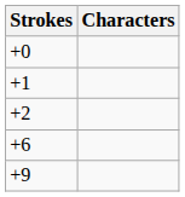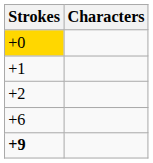 <table class="wikitable">
 <tr>
 <th>Strokes</th>
 <th>Characters</th>
 </tr>
 <tr --->
-<td>+0</td>
+<td style="background: gold;">+0</td>
 <td style="font-size: large;"></td>
 </tr>
 <tr --->
 <td>+1</td>
 <td style="font-size: large;"></td>
 </tr>
 <tr --->
 <td>+2</td>
 <td style="font-size: large;"></td>
 </tr>
 <tr --->
 <td>+6</td>
 <td style="font-size: large;"></td>
 </tr>
 <tr --->
-<td>+9</td>
+<td><strong>+9</strong></td>
 <td style="font-size: large;"></td>
 </tr>
 </table>
